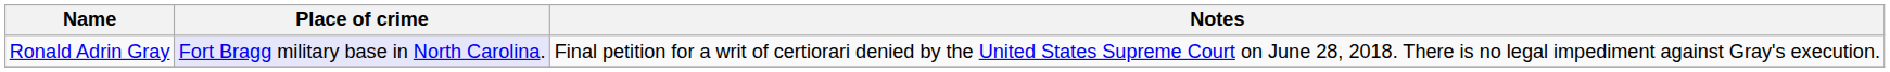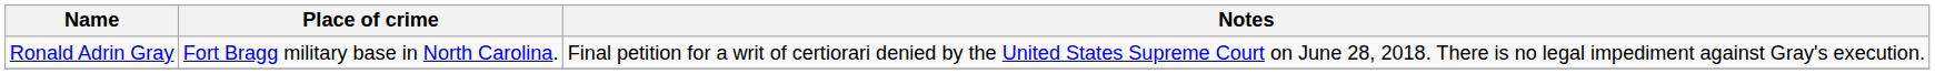 <table class="wikitable sortable">
 <tr>
 <th>Name</th>
 <th>Place of crime</th>
 <th>Notes</th>
 </tr>
 <tr>
 <td><a href='#'>Ronald Adrin Gray</a></td>
-<td style="background: lavender;"><a href='#'>Fort Bragg</a> military base in <a href='#'>North Carolina</a>.</td>
+<td><a href='#'>Fort Bragg</a> military base in <a href='#'>North Carolina</a>.</td>
 <td>Final petition for a writ of certiorari denied by the <a href='#'>United States Supreme Court</a> on June 28, 2018. There is no legal impediment against Gray's execution.</td>
 </tr>
 <tr>
 </tr>
 </table>
